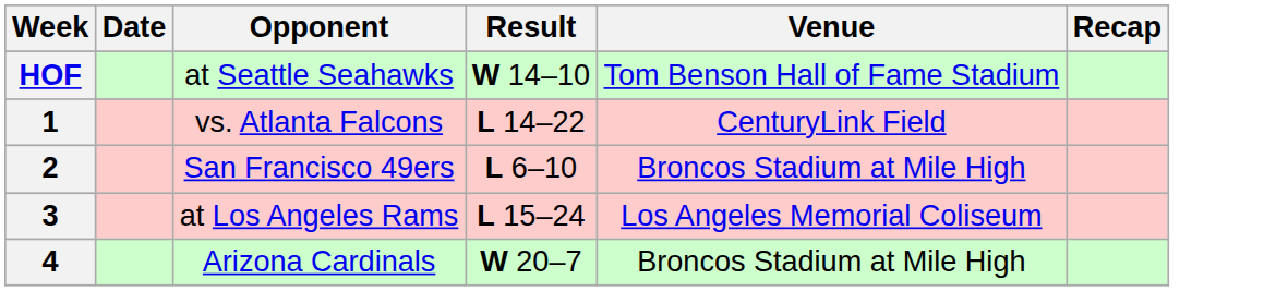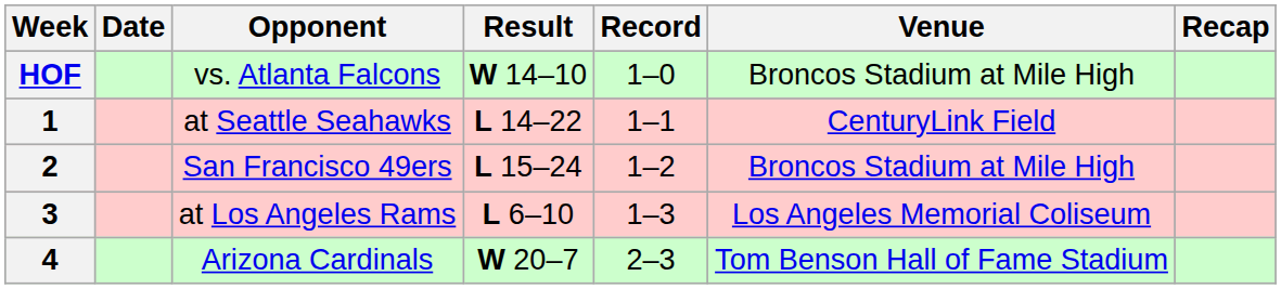 <table class="wikitable" style="text-align:center">
 <tr>
 <th>Week</th>
 <th>Date</th>
 <th>Opponent</th>
 <th>Result</th>
+<th>Record</th>
 <th>Venue</th>
 <th>Recap</th>
 </tr>
 <tr style="background:#cfc">
 <th><a href='#'>HOF</a></th>
 <td></td>
-<td>at <a href='#'>Seattle Seahawks</a></td>
+<td>vs. <a href='#'>Atlanta Falcons</a></td>
 <td><strong>W</strong> 14–10</td>
-<td><a href='#'>Tom Benson Hall of Fame Stadium</a></td>
+<td>1–0</td>
+<td>Broncos Stadium at Mile High </td>
 <td></td>
 </tr>
 <tr style="background:#fcc">
 <th>1</th>
 <td></td>
-<td>vs. <a href='#'>Atlanta Falcons</a></td>
+<td>at <a href='#'>Seattle Seahawks</a></td>
 <td><strong>L</strong> 14–22</td>
+<td>1–1</td>
 <td><a href='#'>CenturyLink Field</a></td>
 <td></td>
 </tr>
 <tr style="background:#fcc">
 <th>2</th>
 <td></td>
 <td><a href='#'>San Francisco 49ers</a></td>
-<td><strong>L</strong> 6–10</td>
+<td><strong>L</strong> 15–24</td>
+<td>1–2</td>
 <td><a href='#'>Broncos Stadium at Mile High</a> </td>
 <td></td>
 </tr>
 <tr style="background:#fcc">
 <th>3</th>
 <td></td>
 <td>at <a href='#'>Los Angeles Rams</a></td>
-<td><strong>L</strong> 15–24</td>
+<td><strong>L</strong> 6–10</td>
+<td>1–3</td>
 <td><a href='#'>Los Angeles Memorial Coliseum</a></td>
 <td></td>
 </tr>
 <tr style="background:#cfc">
 <th>4</th>
 <td></td>
 <td><a href='#'>Arizona Cardinals</a></td>
 <td><strong>W</strong> 20–7</td>
-<td>Broncos Stadium at Mile High </td>
+<td>2–3</td>
+<td><a href='#'>Tom Benson Hall of Fame Stadium</a></td>
 <td></td>
 </tr>
 </table>
